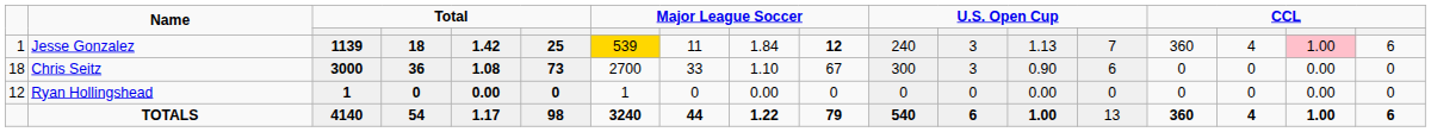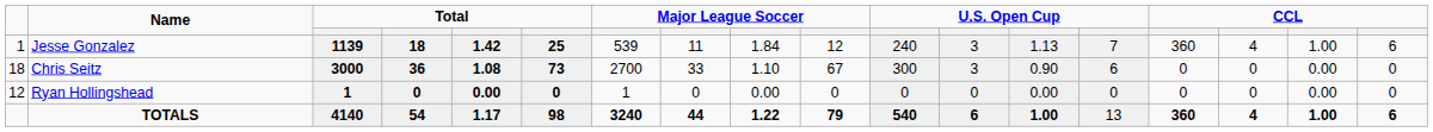 <table class="wikitable" style="text-align:center;">
 <tr>
 <td rowspan="2"  style="width:1%; text-align:center;"><strong></strong></td>
 <td rowspan="2"  style="width:20%; text-align:center;"><strong>Name</strong></td>
 <td colspan="4" style="text-align:center;"><strong>Total</strong></td>
 <td colspan="4" style="text-align:center;"><strong><a href='#'>Major League Soccer</a></strong></td>
 <td colspan="4" style="text-align:center;"><strong><a href='#'>U.S. Open Cup</a></strong></td>
 <td colspan="4" style="text-align:center;"><strong><a href='#'>CCL</a></strong></td>
 </tr>
 <tr>
 <th width=60></th>
 <th width=60></th>
 <th width=60></th>
 <th width=60></th>
 <th width=60></th>
 <th width=60></th>
 <th width=60></th>
 <th width=60></th>
 <th width=60></th>
 <th width=60></th>
 <th width=60></th>
 <th width=60></th>
 <th width=60></th>
 <th width=60></th>
 <th width=60></th>
 <th width=60></th>
 </tr>
 <tr>
 <td style="text-align: right;">1</td>
 <td style="text-align: left;"> <a href='#'>Jesse Gonzalez</a></td>
 <td style="background: #F0F0F0;"><strong>1139</strong></td>
 <td style="background: #F0F0F0;"><strong>18</strong></td>
 <td style="background: #F0F0F0;"><strong>1.42</strong></td>
 <td style="background: #F0F0F0;"><strong>25</strong></td>
-<td style="background: gold;">539</td>
+<td>539</td>
 <td>11</td>
 <td>1.84</td>
-<td><strong>12</strong></td>
+<td>12</td>
 <td style="background: #F0F0F0;">240</td>
 <td style="background: #F0F0F0;">3</td>
 <td style="background: #F0F0F0;">1.13</td>
 <td style="background: #F0F0F0;">7</td>
 <td>360</td>
 <td>4</td>
-<td style="background: pink;">1.00</td>
+<td>1.00</td>
 <td>6</td>
 </tr>
 <tr>
 <td style="text-align: right;">18</td>
 <td style="text-align: left;"> <a href='#'>Chris Seitz</a></td>
 <td style="background: #F0F0F0;"><strong>3000</strong></td>
 <td style="background: #F0F0F0;"><strong>36</strong></td>
 <td style="background: #F0F0F0;"><strong>1.08</strong></td>
 <td style="background: #F0F0F0;"><strong>73</strong></td>
 <td>2700</td>
 <td>33</td>
 <td>1.10</td>
 <td>67</td>
 <td style="background: #F0F0F0;">300</td>
 <td style="background: #F0F0F0;">3</td>
 <td style="background: #F0F0F0;">0.90</td>
 <td style="background: #F0F0F0;">6</td>
 <td>0</td>
 <td>0</td>
 <td>0.00</td>
 <td>0</td>
 </tr>
 <tr>
 <td style="text-align: right;">12</td>
 <td style="text-align: left;"> <a href='#'>Ryan Hollingshead</a></td>
 <td style="background: #F0F0F0;"><strong>1</strong></td>
 <td style="background: #F0F0F0;"><strong>0</strong></td>
 <td style="background: #F0F0F0;"><strong>0.00</strong></td>
 <td style="background: #F0F0F0;"><strong>0</strong></td>
 <td>1</td>
 <td>0</td>
 <td>0.00</td>
 <td>0</td>
 <td style="background: #F0F0F0;">0</td>
 <td style="background: #F0F0F0;">0</td>
 <td style="background: #F0F0F0;">0.00</td>
 <td style="background: #F0F0F0;">0</td>
 <td>0</td>
 <td>0</td>
 <td>0.00</td>
 <td>0</td>
 </tr>
 <tr>
 <td></td>
 <td><strong>TOTALS</strong></td>
 <td style="background: #F0F0F0;"><strong>4140</strong></td>
 <td style="background: #F0F0F0;"><strong>54</strong></td>
 <td style="background: #F0F0F0;"><strong>1.17</strong></td>
 <td style="background: #F0F0F0;"><strong>98</strong></td>
 <td><strong>3240</strong></td>
 <td><strong>44</strong></td>
 <td><strong>1.22</strong></td>
 <td><strong>79</strong></td>
 <td style="background: #F0F0F0;"><strong>540</strong></td>
 <td style="background: #F0F0F0;"><strong>6</strong></td>
 <td style="background: #F0F0F0;"><strong>1.00</strong></td>
 <td style="background: #F0F0F0;">13</td>
 <td><strong>360</strong></td>
 <td><strong>4</strong></td>
 <td><strong>1.00</strong></td>
 <td><strong>6</strong></td>
 </tr>
 </table>
